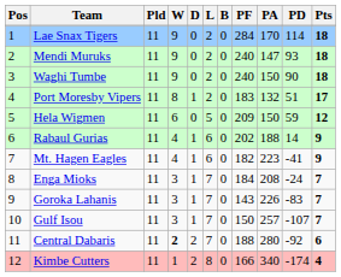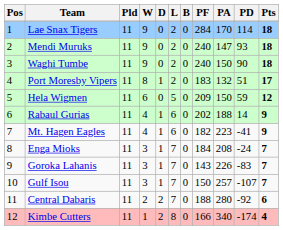 <table class="wikitable">
 <tr>
 <th>Pos</th>
 <th>Team</th>
 <th>Pld</th>
 <th>W</th>
 <th>D</th>
 <th>L</th>
 <th>B</th>
 <th>PF</th>
 <th>PA</th>
 <th>PD</th>
 <th>Pts</th>
 </tr>
 <tr>
 </tr>
 <tr>
 <td style="background: #99ccff;">1</td>
 <td style="background: #99ccff;"> <a href='#'>Lae Snax Tigers</a></td>
 <td style="background: #99ccff;">11</td>
 <td style="background: #99ccff;">9</td>
 <td style="background: #99ccff;">0</td>
 <td style="background: #99ccff;">2</td>
 <td style="background: #99ccff;">0</td>
 <td style="background: #99ccff;">284</td>
 <td style="background: #99ccff;">170</td>
 <td style="background: #99ccff;">114</td>
 <td style="background: #99ccff;"><strong>18</strong></td>
 </tr>
 <tr>
 <td style="background: #ccffcc;">2</td>
 <td style="background: #ccffcc;"><a href='#'>Mendi Muruks</a></td>
 <td style="background: #ccffcc;">11</td>
 <td style="background: #ccffcc;">9</td>
 <td style="background: #ccffcc;">0</td>
 <td style="background: #ccffcc;">2</td>
 <td style="background: #ccffcc;">0</td>
 <td style="background: #ccffcc;">240</td>
 <td style="background: #ccffcc;">147</td>
 <td style="background: #ccffcc;">93</td>
 <td style="background: #ccffcc;"><strong>18</strong></td>
 </tr>
 <tr>
 <td style="background: #ccffcc;">3</td>
 <td style="background: #ccffcc;"><a href='#'>Waghi Tumbe</a></td>
 <td style="background: #ccffcc;">11</td>
 <td style="background: #ccffcc;">9</td>
 <td style="background: #ccffcc;">0</td>
 <td style="background: #ccffcc;">2</td>
 <td style="background: #ccffcc;">0</td>
 <td style="background: #ccffcc;">240</td>
 <td style="background: #ccffcc;">150</td>
 <td style="background: #ccffcc;">90</td>
 <td style="background: #ccffcc;"><strong>18</strong></td>
 </tr>
 <tr>
 <td style="background: #ccffcc;">4</td>
 <td style="background: #ccffcc;"> <a href='#'>Port Moresby Vipers</a></td>
 <td style="background: #ccffcc;">11</td>
 <td style="background: #ccffcc;">8</td>
 <td style="background: #ccffcc;">1</td>
 <td style="background: #ccffcc;">2</td>
 <td style="background: #ccffcc;">0</td>
 <td style="background: #ccffcc;">183</td>
 <td style="background: #ccffcc;">132</td>
 <td style="background: #ccffcc;">51</td>
 <td style="background: #ccffcc;"><strong>17</strong></td>
 </tr>
 <tr>
 <td style="background: #ccffcc;">5</td>
 <td style="background: #ccffcc;"><a href='#'>Hela Wigmen</a></td>
 <td style="background: #ccffcc;">11</td>
 <td style="background: #ccffcc;">6</td>
 <td style="background: #ccffcc;">0</td>
 <td style="background: #ccffcc;">5</td>
 <td style="background: #ccffcc;">0</td>
 <td style="background: #ccffcc;">209</td>
 <td style="background: #ccffcc;">150</td>
 <td style="background: #ccffcc;">59</td>
 <td style="background: #ccffcc;"><strong>12</strong></td>
 </tr>
 <tr>
 <td style="background: #ccffcc;">6</td>
 <td style="background: #ccffcc;"><a href='#'>Rabaul Gurias</a></td>
 <td style="background: #ccffcc;">11</td>
 <td style="background: #ccffcc;">4</td>
 <td style="background: #ccffcc;">1</td>
 <td style="background: #ccffcc;">6</td>
 <td style="background: #ccffcc;">0</td>
 <td style="background: #ccffcc;">202</td>
 <td style="background: #ccffcc;">188</td>
 <td style="background: #ccffcc;">14</td>
 <td style="background: #ccffcc;"><strong>9</strong></td>
 </tr>
 <tr>
 <td>7</td>
 <td><a href='#'>Mt. Hagen Eagles</a></td>
 <td>11</td>
 <td>4</td>
 <td>1</td>
 <td>6</td>
 <td>0</td>
 <td>182</td>
 <td>223</td>
 <td>-41</td>
 <td><strong>9</strong></td>
 </tr>
 <tr>
 <td>8</td>
 <td><a href='#'>Enga Mioks</a></td>
 <td>11</td>
 <td>3</td>
 <td>1</td>
 <td>7</td>
 <td>0</td>
 <td>184</td>
 <td>208</td>
 <td>-24</td>
 <td><strong>7</strong></td>
 </tr>
 <tr>
 <td>9</td>
 <td><a href='#'>Goroka Lahanis</a></td>
 <td>11</td>
 <td>3</td>
 <td>1</td>
 <td>7</td>
 <td>0</td>
 <td>143</td>
 <td>226</td>
 <td>-83</td>
 <td><strong>7</strong></td>
 </tr>
 <tr>
 <td>10</td>
 <td><a href='#'>Gulf Isou</a></td>
 <td>11</td>
 <td>3</td>
 <td>1</td>
 <td>7</td>
 <td>0</td>
 <td>150</td>
 <td>257</td>
 <td>-107</td>
 <td><strong>7</strong></td>
 </tr>
 <tr>
 <td>11</td>
 <td><a href='#'>Central Dabaris</a></td>
 <td>11</td>
-<td><strong>2</strong></td>
+<td>2</td>
 <td>2</td>
 <td>7</td>
 <td>0</td>
 <td>188</td>
 <td>280</td>
 <td>-92</td>
 <td><strong>6</strong></td>
 </tr>
 <tr>
 <td style="background: #ffbbbb;">12</td>
 <td style="background: #ffbbbb;"><a href='#'>Kimbe Cutters</a></td>
 <td style="background: #ffbbbb;">11</td>
 <td style="background: #ffbbbb;">1</td>
 <td style="background: #ffbbbb;">2</td>
 <td style="background: #ffbbbb;">8</td>
 <td style="background: #ffbbbb;">0</td>
 <td style="background: #ffbbbb;">166</td>
 <td style="background: #ffbbbb;">340</td>
 <td style="background: #ffbbbb;">-174</td>
 <td style="background: #ffbbbb;"><strong>4</strong></td>
 </tr>
 </table>
